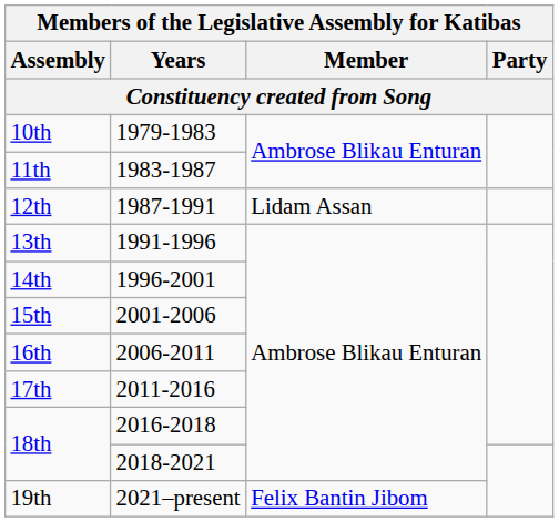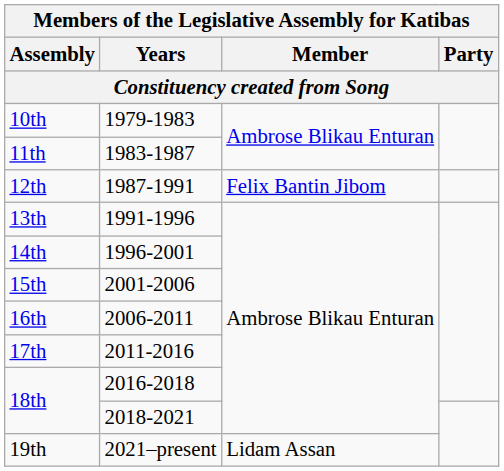 <table class=wikitable>
 <tr>
 <th colspan="4">Members of the Legislative Assembly for Katibas</th>
 </tr>
 <tr>
 <th>Assembly</th>
 <th>Years</th>
 <th>Member</th>
 <th>Party</th>
 </tr>
 <tr>
 <th colspan=4 align=center><em>Constituency created from Song</em></th>
 </tr>
 <tr>
 <td><a href='#'>10th</a></td>
 <td>1979-1983</td>
 <td rowspan=2><a href='#'>Ambrose Blikau Enturan</a></td>
 <td rowspan=2></td>
 </tr>
 <tr>
 <td><a href='#'>11th</a></td>
 <td>1983-1987</td>
 </tr>
 <tr>
 <td><a href='#'>12th</a></td>
 <td>1987-1991</td>
-<td>Lidam Assan</td>
+<td><a href='#'>Felix Bantin Jibom</a></td>
 <td></td>
 </tr>
 <tr>
 <td><a href='#'>13th</a></td>
 <td>1991-1996</td>
 <td rowspan="7">Ambrose Blikau Enturan</td>
 <td rowspan=6></td>
 </tr>
 <tr>
 <td><a href='#'>14th</a></td>
 <td>1996-2001</td>
 </tr>
 <tr>
 <td><a href='#'>15th</a></td>
 <td>2001-2006</td>
 </tr>
 <tr>
 <td><a href='#'>16th</a></td>
 <td>2006-2011</td>
 </tr>
 <tr>
 <td><a href='#'>17th</a></td>
 <td>2011-2016</td>
 </tr>
 <tr>
 <td rowspan="2"><a href='#'>18th</a></td>
 <td>2016-2018</td>
 </tr>
 <tr>
 <td>2018-2021</td>
 <td rowspan=2></td>
 </tr>
 <tr>
 <td>19th</td>
 <td>2021–present</td>
-<td><a href='#'>Felix Bantin Jibom</a></td>
+<td>Lidam Assan</td>
 </tr>
 </table>
